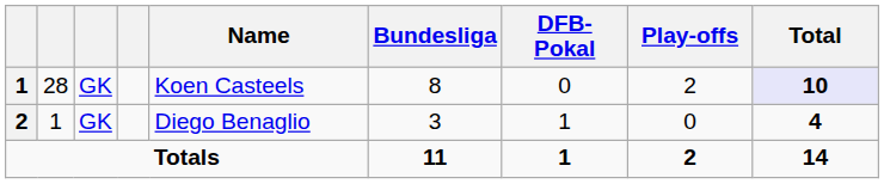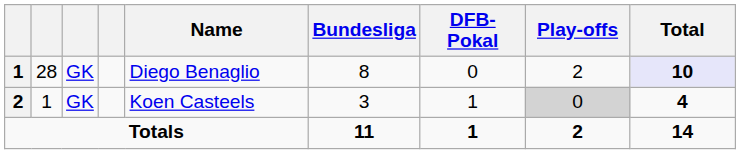 <table class="wikitable" style="text-align:center">
 <tr>
 <th width=15></th>
 <th width=15></th>
 <th width=15></th>
 <th width=15></th>
 <th width=145>Name</th>
 <th width=80><strong><a href='#'>Bundesliga</a></strong></th>
 <th width=80><strong><a href='#'>DFB-Pokal</a></strong></th>
 <th width=80><strong><a href='#'>Play-offs</a></strong></th>
 <th width=80>Total</th>
 </tr>
 <tr>
 <th>1</th>
 <td>28</td>
 <td><a href='#'>GK</a></td>
 <td></td>
-<td align=left><a href='#'>Koen Casteels</a></td>
+<td align=left><a href='#'>Diego Benaglio</a></td>
 <td>8</td>
 <td>0</td>
 <td>2</td>
 <td style="background: lavender;"><strong>10</strong></td>
 </tr>
 <tr>
 <th>2</th>
 <td>1</td>
 <td><a href='#'>GK</a></td>
 <td></td>
-<td align=left><a href='#'>Diego Benaglio</a></td>
+<td align=left><a href='#'>Koen Casteels</a></td>
 <td>3</td>
 <td>1</td>
-<td>0</td>
+<td style="background: lightgrey;">0</td>
 <td><strong>4</strong></td>
 </tr>
 <tr>
 <td colspan=5><strong>Totals</strong></td>
 <td><strong>11</strong></td>
 <td><strong>1</strong></td>
 <td><strong>2</strong></td>
 <td><strong>14</strong></td>
 </tr>
 </table>
